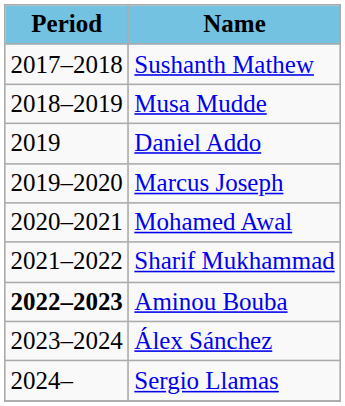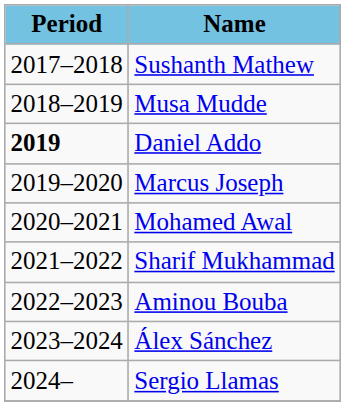 <table class="wikitable">
 <tr>
 <th style="background: #74C2E1;">Period</th>
 <th style="background: #74C2E1;">Name</th>
 </tr>
 <tr>
 <td>2017–2018</td>
 <td> <a href='#'>Sushanth Mathew</a></td>
 </tr>
 <tr>
 <td>2018–2019</td>
 <td> <a href='#'>Musa Mudde</a></td>
 </tr>
 <tr>
-<td>2019</td>
+<td><strong>2019</strong></td>
 <td> <a href='#'>Daniel Addo</a></td>
 </tr>
 <tr>
 <td>2019–2020</td>
 <td> <a href='#'>Marcus Joseph</a></td>
 </tr>
 <tr>
 <td>2020–2021</td>
 <td> <a href='#'>Mohamed Awal</a></td>
 </tr>
 <tr>
 <td>2021–2022</td>
 <td> <a href='#'>Sharif Mukhammad</a></td>
 </tr>
 <tr>
-<td><strong>2022–2023</strong></td>
+<td>2022–2023</td>
 <td> <a href='#'>Aminou Bouba</a></td>
 </tr>
 <tr>
 <td>2023–2024</td>
 <td> <a href='#'>Álex Sánchez</a></td>
 </tr>
 <tr>
 <td>2024–</td>
 <td> <a href='#'>Sergio Llamas</a></td>
 </tr>
 <tr>
 </tr>
 </table>
